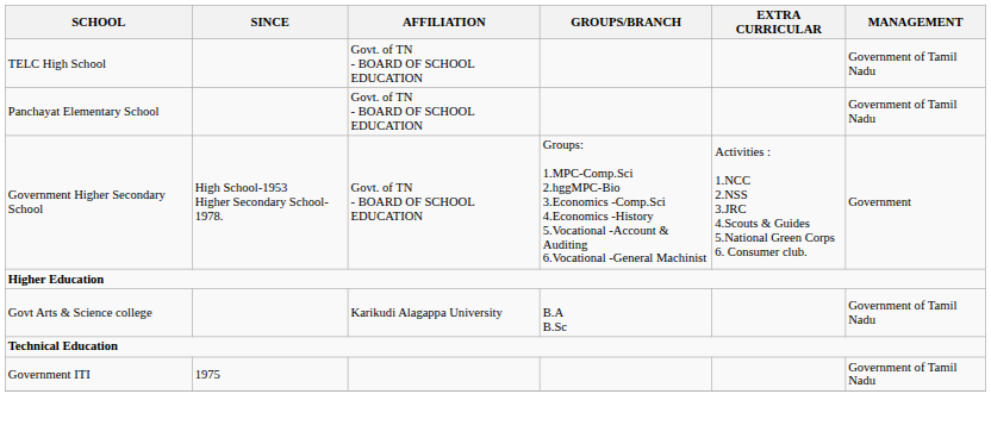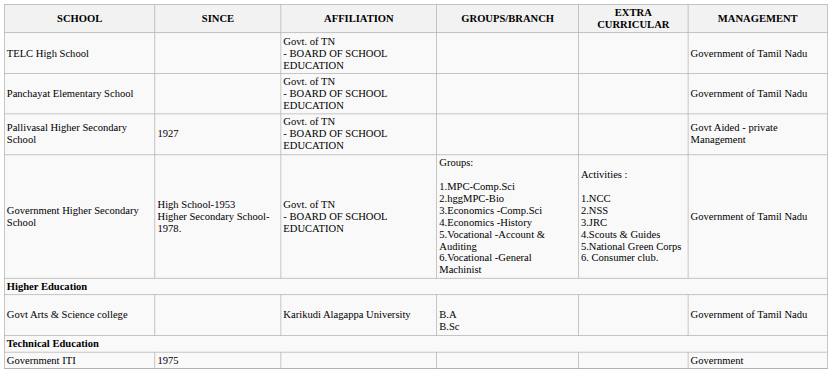 <table class="wikitable">
 <tr>
 <th>SCHOOL</th>
 <th>SINCE</th>
 <th>AFFILIATION</th>
 <th>GROUPS/BRANCH</th>
 <th>EXTRA CURRICULAR</th>
 <th>MANAGEMENT</th>
 </tr>
 <tr>
 <td>TELC High School</td>
 <td></td>
 <td>Govt. of TN<br>- BOARD OF SCHOOL EDUCATION</td>
 <td></td>
 <td></td>
 <td>Government of Tamil Nadu</td>
 </tr>
 <tr>
 <td>Panchayat Elementary School</td>
 <td></td>
 <td>Govt. of TN<br>- BOARD OF SCHOOL EDUCATION</td>
 <td></td>
 <td></td>
 <td>Government of Tamil Nadu</td>
 </tr>
 <tr>
+<td>Pallivasal Higher Secondary School</td>
+<td>1927</td>
+<td>Govt. of TN<br>- BOARD OF SCHOOL EDUCATION</td>
+<td></td>
+<td></td>
+<td>Govt Aided - private Management</td>
+</tr>
+<tr>
 <td>Government Higher Secondary School</td>
 <td>High School-1953<br>Higher Secondary School-1978.</td>
 <td>Govt. of TN<br>- BOARD OF SCHOOL EDUCATION</td>
 <td>Groups:<br><br>1.MPC-Comp.Sci  <br>2.hggMPC-Bio  <br>3.Economics -Comp.Sci <br>4.Economics -History  <br>5.Vocational -Account & Auditing  <br>6.Vocational -General Machinist</td>
 <td>Activities :<br><br>1.NCC  <br>2.NSS  <br>3.JRC  <br>4.Scouts & Guides  <br>5.National Green Corps  <br>6. Consumer club.</td>
-<td>Government</td>
+<td>Government of Tamil Nadu</td>
 </tr>
 <tr>
 <td colspan="6"><strong>Higher Education</strong></td>
 </tr>
 <tr>
 <td>Govt Arts & Science college</td>
 <td></td>
 <td>Karikudi Alagappa University</td>
 <td><br>B.A <br>B.Sc</td>
 <td></td>
 <td>Government of Tamil Nadu</td>
 </tr>
 <tr>
 <td colspan="6"><strong>Technical Education</strong></td>
 </tr>
 <tr>
 <td>Government ITI</td>
 <td>1975</td>
 <td></td>
 <td></td>
 <td></td>
-<td>Government of Tamil Nadu</td>
+<td>Government</td>
 </tr>
 <tr>
 </tr>
 </table>
